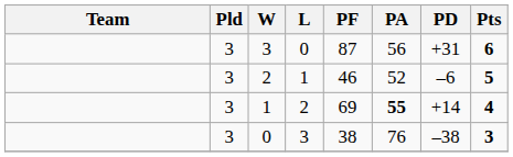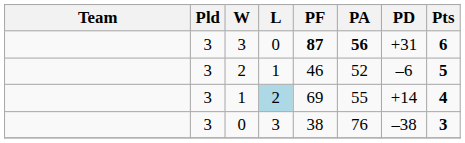 <table class=wikitable style="text-align:center">
 <tr>
 <th width=170>Team</th>
 <th width=25>Pld</th>
 <th width=25>W</th>
 <th width=25>L</th>
 <th width=35>PF</th>
 <th width=35>PA</th>
 <th width=35>PD</th>
 <th width=25>Pts</th>
 </tr>
 <tr>
 <td style="text-align:left"></td>
 <td>3</td>
 <td>3</td>
 <td>0</td>
-<td>87</td>
-<td>56</td>
+<td><strong>87</strong></td>
+<td><strong>56</strong></td>
 <td>+31</td>
 <td><strong>6</strong></td>
 </tr>
 <tr>
 <td style="text-align:left"></td>
 <td>3</td>
 <td>2</td>
 <td>1</td>
 <td>46</td>
 <td>52</td>
 <td>–6</td>
 <td><strong>5</strong></td>
 </tr>
 <tr>
 <td style="text-align:left"></td>
 <td>3</td>
 <td>1</td>
-<td>2</td>
+<td style="background: lightblue;">2</td>
 <td>69</td>
-<td><strong>55</strong></td>
+<td>55</td>
 <td>+14</td>
 <td><strong>4</strong></td>
 </tr>
 <tr>
 <td style="text-align:left"></td>
 <td>3</td>
 <td>0</td>
 <td>3</td>
 <td>38</td>
 <td>76</td>
 <td>–38</td>
 <td><strong>3</strong></td>
 </tr>
 <tr>
 </tr>
 </table>
